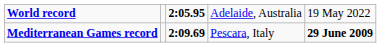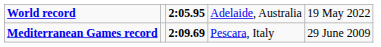 <table class="wikitable">
 <tr>
 <td><strong><a href='#'>World record</a></strong></td>
 <td></td>
 <td><strong>2:05.95</strong></td>
 <td><a href='#'>Adelaide</a>, Australia</td>
 <td>19 May 2022</td>
 </tr>
 <tr>
 <td><strong><a href='#'>Mediterranean Games record</a></strong></td>
 <td></td>
 <td><strong>2:09.69</strong></td>
 <td><a href='#'>Pescara</a>, Italy</td>
-<td><strong>29 June 2009</strong></td>
+<td>29 June 2009</td>
 </tr>
 </table>
